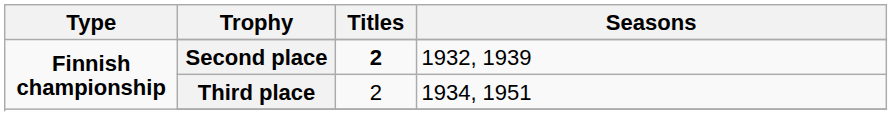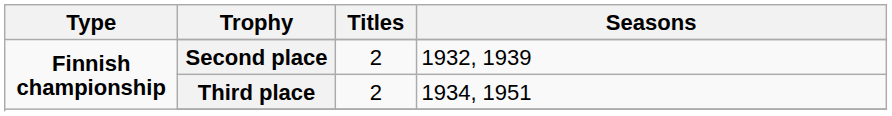 <table class="wikitable plainrowheaders" style="font-size:95%; text-align:center;">
 <tr>
 <th style="width: 1%;">Type</th>
 <th style="width: 5%;">Trophy</th>
 <th style="width: 1%;">Titles</th>
 <th style="width: 21%;">Seasons</th>
 </tr>
 <tr>
 <td scope="rowgroup" rowspan="4"><strong>Finnish championship</strong></td>
 </tr>
 <tr>
 <th scope="row">Second place</th>
-<td><strong>2</strong></td>
+<td>2</td>
 <td align="left">1932, 1939</td>
 </tr>
 <tr>
 <th scope="row">Third place</th>
 <td>2</td>
 <td align="left">1934, 1951</td>
 </tr>
 <tr>
 </tr>
 </table>
